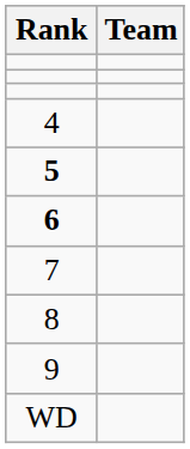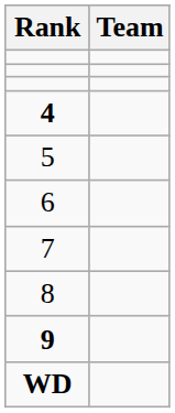 <table class="wikitable" style="text-align:center;">
 <tr>
 <th width=40>Rank</th>
 <th>Team</th>
 </tr>
 <tr>
 <td></td>
 <td style="text-align:left;"></td>
 </tr>
 <tr>
 <td></td>
 <td style="text-align:left;"></td>
 </tr>
 <tr>
 <td></td>
 <td style="text-align:left;"></td>
 </tr>
 <tr>
-<td>4</td>
+<td><strong>4</strong></td>
 <td style="text-align:left;"></td>
 </tr>
 <tr>
-<td><strong>5</strong></td>
+<td>5</td>
 <td style="text-align:left;"></td>
 </tr>
 <tr>
-<td><strong>6</strong></td>
+<td>6</td>
 <td style="text-align:left;"></td>
 </tr>
 <tr>
 <td>7</td>
 <td style="text-align:left;"></td>
 </tr>
 <tr>
 <td>8</td>
 <td style="text-align:left;"></td>
 </tr>
 <tr>
-<td>9</td>
+<td><strong>9</strong></td>
 <td style="text-align:left;"></td>
 </tr>
 <tr>
-<td>WD</td>
+<td><strong>WD</strong></td>
 <td style="text-align:left;"></td>
 </tr>
 </table>
